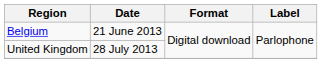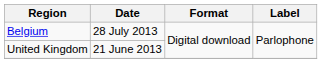 <table class=wikitable>
 <tr>
 <th>Region</th>
 <th>Date</th>
 <th>Format</th>
 <th>Label</th>
 </tr>
 <tr>
 <td><a href='#'>Belgium</a></td>
-<td>21 June 2013</td>
+<td>28 July 2013</td>
 <td rowspan="2">Digital download</td>
 <td rowspan="2">Parlophone</td>
 </tr>
 <tr>
 <td>United Kingdom</td>
-<td>28 July 2013</td>
+<td>21 June 2013</td>
 </tr>
 <tr>
 </tr>
 </table>
